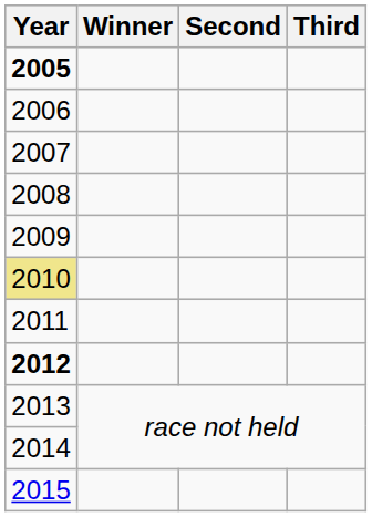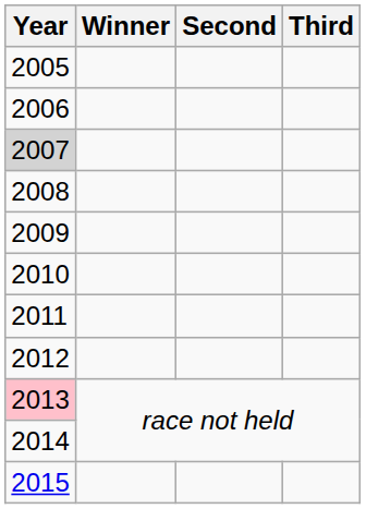 <table class="wikitable" style="font-size:95%">
 <tr>
 <th>Year</th>
 <th>Winner</th>
 <th>Second</th>
 <th>Third</th>
 </tr>
 <tr>
-<td><strong>2005</strong></td>
+<td>2005</td>
 <td></td>
 <td></td>
 <td></td>
 </tr>
 <tr>
 <td>2006</td>
 <td></td>
 <td></td>
 <td></td>
 </tr>
 <tr>
-<td>2007</td>
+<td style="background: lightgrey;">2007</td>
 <td></td>
 <td></td>
 <td></td>
 </tr>
 <tr>
 <td>2008</td>
 <td></td>
 <td></td>
 <td></td>
 </tr>
 <tr>
 <td>2009</td>
 <td></td>
 <td></td>
 <td></td>
 </tr>
 <tr>
-<td style="background: khaki;">2010</td>
+<td>2010</td>
 <td></td>
 <td></td>
 <td></td>
 </tr>
 <tr>
 <td>2011</td>
 <td></td>
 <td></td>
 <td></td>
 </tr>
 <tr>
-<td><strong>2012</strong></td>
+<td>2012</td>
 <td></td>
 <td></td>
 <td></td>
 </tr>
 <tr>
-<td>2013</td>
+<td style="background: pink;">2013</td>
 <td colspan=3 rowspan=2 align=center><em>race not held</em></td>
 </tr>
 <tr>
 <td>2014</td>
 </tr>
 <tr>
 <td><a href='#'>2015</a></td>
 <td></td>
 <td></td>
 <td></td>
 </tr>
 </table>
